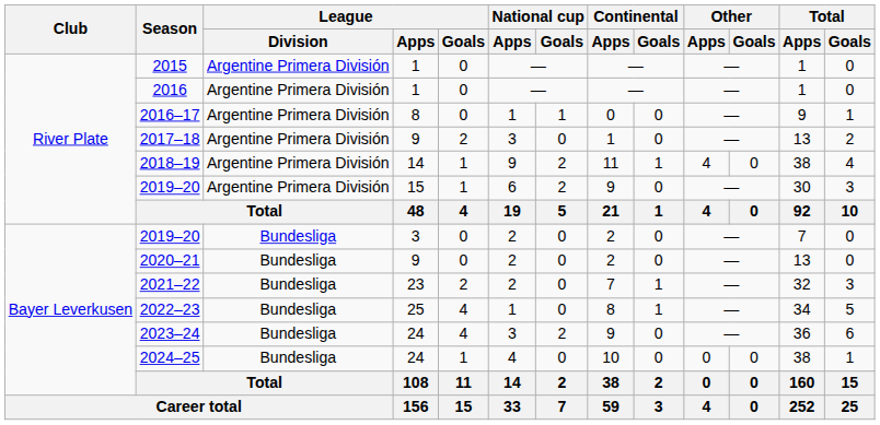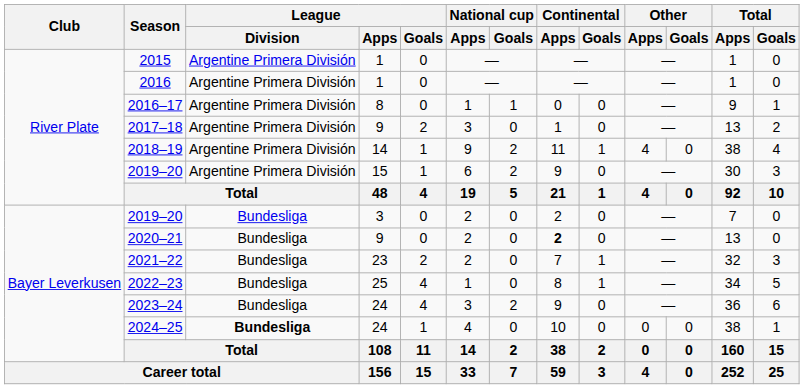 <table class="wikitable" style="text-align:center">
 <tr>
 <th rowspan="2">Club</th>
 <th rowspan="2">Season</th>
 <th colspan="3">League</th>
 <th colspan="2">National cup</th>
 <th colspan="2">Continental</th>
 <th colspan="2">Other</th>
 <th colspan="2">Total</th>
 </tr>
 <tr>
 <th>Division</th>
 <th>Apps</th>
 <th>Goals</th>
 <th>Apps</th>
 <th>Goals</th>
 <th>Apps</th>
 <th>Goals</th>
 <th>Apps</th>
 <th>Goals</th>
 <th>Apps</th>
 <th>Goals</th>
 </tr>
 <tr>
 <td rowspan="7"><a href='#'>River Plate</a></td>
 <td><a href='#'>2015</a></td>
 <td><a href='#'>Argentine Primera División</a></td>
 <td>1</td>
 <td>0</td>
 <td colspan="2">—</td>
 <td colspan="2">—</td>
 <td colspan="2">—</td>
 <td>1</td>
 <td>0</td>
 </tr>
 <tr>
 <td><a href='#'>2016</a></td>
 <td>Argentine Primera División</td>
 <td>1</td>
 <td>0</td>
 <td colspan="2">—</td>
 <td colspan="2">—</td>
 <td colspan="2">—</td>
 <td>1</td>
 <td>0</td>
 </tr>
 <tr>
 <td><a href='#'>2016–17</a></td>
 <td>Argentine Primera División</td>
 <td>8</td>
 <td>0</td>
 <td>1</td>
 <td>1</td>
 <td>0</td>
 <td>0</td>
 <td colspan="2">—</td>
 <td>9</td>
 <td>1</td>
 </tr>
 <tr>
 <td><a href='#'>2017–18</a></td>
 <td>Argentine Primera División</td>
 <td>9</td>
 <td>2</td>
 <td>3</td>
 <td>0</td>
 <td>1</td>
 <td>0</td>
 <td colspan="2">—</td>
 <td>13</td>
 <td>2</td>
 </tr>
 <tr>
 <td><a href='#'>2018–19</a></td>
 <td>Argentine Primera División</td>
 <td>14</td>
 <td>1</td>
 <td>9</td>
 <td>2</td>
 <td>11</td>
 <td>1</td>
 <td>4</td>
 <td>0</td>
 <td>38</td>
 <td>4</td>
 </tr>
 <tr>
 <td><a href='#'>2019–20</a></td>
 <td>Argentine Primera División</td>
 <td>15</td>
 <td>1</td>
 <td>6</td>
 <td>2</td>
 <td>9</td>
 <td>0</td>
 <td colspan="2">—</td>
 <td>30</td>
 <td>3</td>
 </tr>
 <tr>
 <th colspan="2">Total</th>
 <th>48</th>
 <th>4</th>
 <th>19</th>
 <th>5</th>
 <th>21</th>
 <th>1</th>
 <th>4</th>
 <th>0</th>
 <th>92</th>
 <th>10</th>
 </tr>
 <tr>
 <td rowspan="7"><a href='#'>Bayer Leverkusen</a></td>
 <td><a href='#'>2019–20</a></td>
 <td><a href='#'>Bundesliga</a></td>
 <td>3</td>
 <td>0</td>
 <td>2</td>
 <td>0</td>
 <td>2</td>
 <td>0</td>
 <td colspan="2">—</td>
 <td>7</td>
 <td>0</td>
 </tr>
 <tr>
 <td><a href='#'>2020–21</a></td>
 <td>Bundesliga</td>
 <td>9</td>
 <td>0</td>
 <td>2</td>
 <td>0</td>
-<td>2</td>
+<td><strong>2</strong></td>
 <td>0</td>
 <td colspan="2">—</td>
 <td>13</td>
 <td>0</td>
 </tr>
 <tr>
 <td><a href='#'>2021–22</a></td>
 <td>Bundesliga</td>
 <td>23</td>
 <td>2</td>
 <td>2</td>
 <td>0</td>
 <td>7</td>
 <td>1</td>
 <td colspan="2">—</td>
 <td>32</td>
 <td>3</td>
 </tr>
 <tr>
 <td><a href='#'>2022–23</a></td>
 <td>Bundesliga</td>
 <td>25</td>
 <td>4</td>
 <td>1</td>
 <td>0</td>
 <td>8</td>
 <td>1</td>
 <td colspan="2">—</td>
 <td>34</td>
 <td>5</td>
 </tr>
 <tr>
 <td><a href='#'>2023–24</a></td>
 <td>Bundesliga</td>
 <td>24</td>
 <td>4</td>
 <td>3</td>
 <td>2</td>
 <td>9</td>
 <td>0</td>
 <td colspan="2">—</td>
 <td>36</td>
 <td>6</td>
 </tr>
 <tr>
 <td><a href='#'>2024–25</a></td>
-<td>Bundesliga</td>
+<td><strong>Bundesliga</strong></td>
 <td>24</td>
 <td>1</td>
 <td>4</td>
 <td>0</td>
 <td>10</td>
 <td>0</td>
 <td>0</td>
 <td>0</td>
 <td>38</td>
 <td>1</td>
 </tr>
 <tr>
 <th colspan="2">Total</th>
 <th>108</th>
 <th>11</th>
 <th>14</th>
 <th>2</th>
 <th>38</th>
 <th>2</th>
 <th>0</th>
 <th>0</th>
 <th>160</th>
 <th>15</th>
 </tr>
 <tr>
 <th colspan="3">Career total</th>
 <th>156</th>
 <th>15</th>
 <th>33</th>
 <th>7</th>
 <th>59</th>
 <th>3</th>
 <th>4</th>
 <th>0</th>
 <th>252</th>
 <th>25</th>
 </tr>
 </table>
